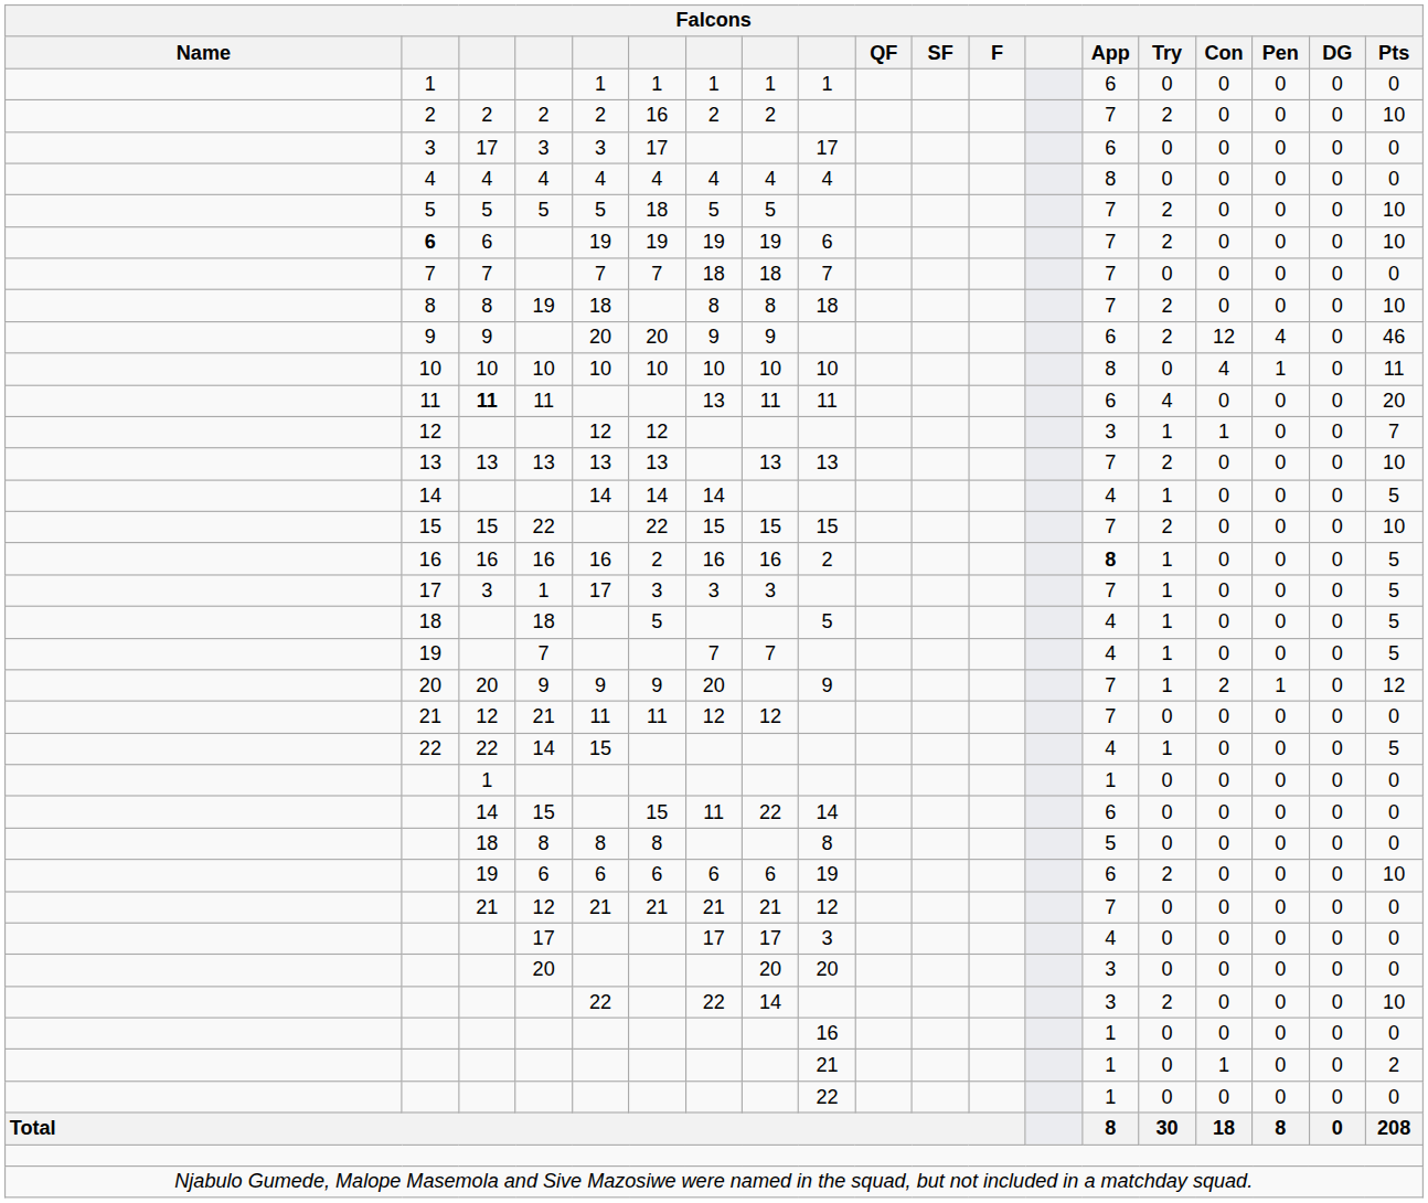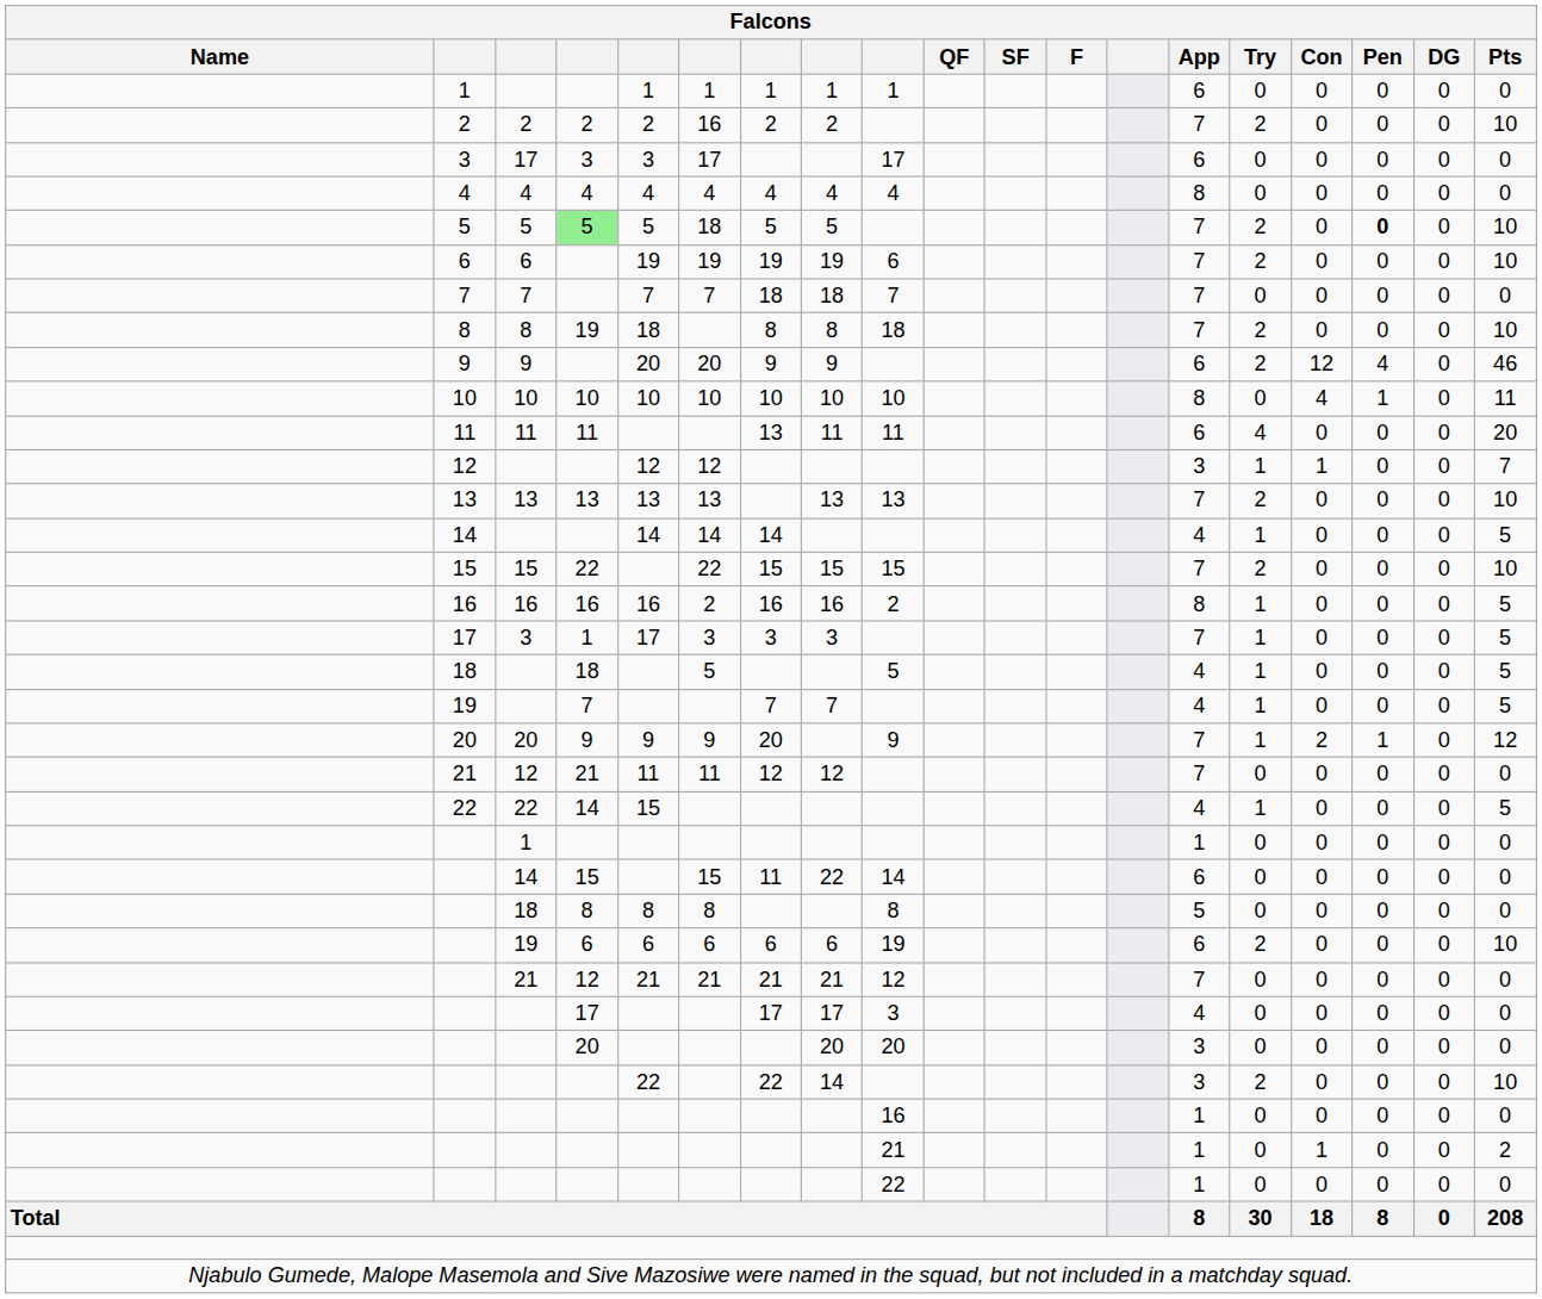 <table class="wikitable collapsible collapsed" style="text-align:center; font-size:100%; width:90%">
 <tr>
 <th colspan="100%">Falcons</th>
 </tr>
 <tr>
 <th style="width:28%;">Name</th>
 <th style="width:4%;"></th>
 <th style="width:4%;"></th>
 <th style="width:4%;"></th>
 <th style="width:4%;"></th>
 <th style="width:4%;"></th>
 <th style="width:4%;"></th>
 <th style="width:4%;"></th>
 <th style="width:4%;"></th>
 <th style="width:4%;">QF</th>
 <th style="width:4%;">SF</th>
 <th style="width:4%;">F</th>
 <th style="width:4%;"></th>
 <th style="width:4%;">App</th>
 <th style="width:4%;">Try</th>
 <th style="width:4%;">Con</th>
 <th style="width:4%;">Pen</th>
 <th style="width:4%;">DG</th>
 <th style="width:4%;">Pts</th>
 </tr>
 <tr>
 <td style="text-align:left;"></td>
 <td>1</td>
 <td></td>
 <td></td>
 <td>1</td>
 <td>1</td>
 <td>1</td>
 <td>1</td>
 <td>1</td>
 <td></td>
 <td></td>
 <td></td>
 <td style="background:#EBECF0;"></td>
 <td>6</td>
 <td>0</td>
 <td>0</td>
 <td>0</td>
 <td>0</td>
 <td>0</td>
 </tr>
 <tr>
 <td style="text-align:left;"></td>
 <td>2</td>
 <td>2</td>
 <td>2</td>
 <td>2</td>
 <td>16 </td>
 <td>2</td>
 <td>2</td>
 <td></td>
 <td></td>
 <td></td>
 <td></td>
 <td style="background:#EBECF0;"></td>
 <td>7</td>
 <td>2</td>
 <td>0</td>
 <td>0</td>
 <td>0</td>
 <td>10</td>
 </tr>
 <tr>
 <td style="text-align:left;"></td>
 <td>3</td>
 <td>17 </td>
 <td>3</td>
 <td>3</td>
 <td>17 </td>
 <td></td>
 <td></td>
 <td>17 </td>
 <td></td>
 <td></td>
 <td></td>
 <td style="background:#EBECF0;"></td>
 <td>6</td>
 <td>0</td>
 <td>0</td>
 <td>0</td>
 <td>0</td>
 <td>0</td>
 </tr>
 <tr>
 <td style="text-align:left;"></td>
 <td>4</td>
 <td>4</td>
 <td>4</td>
 <td>4</td>
 <td>4</td>
 <td>4</td>
 <td>4</td>
 <td>4</td>
 <td></td>
 <td></td>
 <td></td>
 <td style="background:#EBECF0;"></td>
 <td>8</td>
 <td>0</td>
 <td>0</td>
 <td>0</td>
 <td>0</td>
 <td>0</td>
 </tr>
 <tr>
 <td style="text-align:left;"></td>
 <td>5</td>
 <td>5</td>
-<td>5</td>
+<td style="background: lightgreen;">5</td>
 <td>5</td>
 <td>18 </td>
 <td>5</td>
 <td>5</td>
 <td></td>
 <td></td>
 <td></td>
 <td></td>
 <td style="background:#EBECF0;"></td>
 <td>7</td>
 <td>2</td>
 <td>0</td>
-<td>0</td>
+<td><strong>0</strong></td>
 <td>0</td>
 <td>10</td>
 </tr>
 <tr>
 <td style="text-align:left;"></td>
-<td><strong>6</strong></td>
+<td>6</td>
 <td>6</td>
 <td></td>
 <td>19 </td>
 <td>19 </td>
 <td>19 </td>
 <td>19 </td>
 <td>6</td>
 <td></td>
 <td></td>
 <td></td>
 <td style="background:#EBECF0;"></td>
 <td>7</td>
 <td>2</td>
 <td>0</td>
 <td>0</td>
 <td>0</td>
 <td>10</td>
 </tr>
 <tr>
 <td style="text-align:left;"></td>
 <td>7</td>
 <td>7</td>
 <td></td>
 <td>7</td>
 <td>7</td>
 <td>18 </td>
 <td>18 </td>
 <td>7</td>
 <td></td>
 <td></td>
 <td></td>
 <td style="background:#EBECF0;"></td>
 <td>7</td>
 <td>0</td>
 <td>0</td>
 <td>0</td>
 <td>0</td>
 <td>0</td>
 </tr>
 <tr>
 <td style="text-align:left;"></td>
 <td>8</td>
 <td>8</td>
 <td>19 </td>
 <td>18 </td>
 <td></td>
 <td>8</td>
 <td>8</td>
 <td>18 </td>
 <td></td>
 <td></td>
 <td></td>
 <td style="background:#EBECF0;"></td>
 <td>7</td>
 <td>2</td>
 <td>0</td>
 <td>0</td>
 <td>0</td>
 <td>10</td>
 </tr>
 <tr>
 <td style="text-align:left;"></td>
 <td>9</td>
 <td>9</td>
 <td></td>
 <td>20 </td>
 <td>20 </td>
 <td>9</td>
 <td>9</td>
 <td></td>
 <td></td>
 <td></td>
 <td></td>
 <td style="background:#EBECF0;"></td>
 <td>6</td>
 <td>2</td>
 <td>12</td>
 <td>4</td>
 <td>0</td>
 <td>46</td>
 </tr>
 <tr>
 <td style="text-align:left;"></td>
 <td>10</td>
 <td>10</td>
 <td>10</td>
 <td>10</td>
 <td>10</td>
 <td>10</td>
 <td>10</td>
 <td>10</td>
 <td></td>
 <td></td>
 <td></td>
 <td style="background:#EBECF0;"></td>
 <td>8</td>
 <td>0</td>
 <td>4</td>
 <td>1</td>
 <td>0</td>
 <td>11</td>
 </tr>
 <tr>
 <td style="text-align:left;"></td>
 <td>11</td>
-<td><strong>11</strong></td>
+<td>11</td>
 <td>11</td>
 <td></td>
 <td></td>
 <td>13</td>
 <td>11</td>
 <td>11</td>
 <td></td>
 <td></td>
 <td></td>
 <td style="background:#EBECF0;"></td>
 <td>6</td>
 <td>4</td>
 <td>0</td>
 <td>0</td>
 <td>0</td>
 <td>20</td>
 </tr>
 <tr>
 <td style="text-align:left;"></td>
 <td>12</td>
 <td></td>
 <td></td>
 <td>12</td>
 <td>12</td>
 <td></td>
 <td></td>
 <td></td>
 <td></td>
 <td></td>
 <td></td>
 <td style="background:#EBECF0;"></td>
 <td>3</td>
 <td>1</td>
 <td>1</td>
 <td>0</td>
 <td>0</td>
 <td>7</td>
 </tr>
 <tr>
 <td style="text-align:left;"></td>
 <td>13</td>
 <td>13</td>
 <td>13</td>
 <td>13</td>
 <td>13</td>
 <td></td>
 <td>13</td>
 <td>13</td>
 <td></td>
 <td></td>
 <td></td>
 <td style="background:#EBECF0;"></td>
 <td>7</td>
 <td>2</td>
 <td>0</td>
 <td>0</td>
 <td>0</td>
 <td>10</td>
 </tr>
 <tr>
 <td style="text-align:left;"></td>
 <td>14</td>
 <td></td>
 <td></td>
 <td>14</td>
 <td>14</td>
 <td>14</td>
 <td></td>
 <td></td>
 <td></td>
 <td></td>
 <td></td>
 <td style="background:#EBECF0;"></td>
 <td>4</td>
 <td>1</td>
 <td>0</td>
 <td>0</td>
 <td>0</td>
 <td>5</td>
 </tr>
 <tr>
 <td style="text-align:left;"></td>
 <td>15</td>
 <td>15</td>
 <td>22 </td>
 <td></td>
 <td>22 </td>
 <td>15</td>
 <td>15</td>
 <td>15</td>
 <td></td>
 <td></td>
 <td></td>
 <td style="background:#EBECF0;"></td>
 <td>7</td>
 <td>2</td>
 <td>0</td>
 <td>0</td>
 <td>0</td>
 <td>10</td>
 </tr>
 <tr>
 <td style="text-align:left;"></td>
 <td>16 </td>
 <td>16 </td>
 <td>16 </td>
 <td>16 </td>
 <td>2</td>
 <td>16 </td>
 <td>16 </td>
 <td>2</td>
 <td></td>
 <td></td>
 <td></td>
 <td style="background:#EBECF0;"></td>
-<td><strong>8</strong></td>
+<td>8</td>
 <td>1</td>
 <td>0</td>
 <td>0</td>
 <td>0</td>
 <td>5</td>
 </tr>
 <tr>
 <td style="text-align:left;"></td>
 <td>17 </td>
 <td>3</td>
 <td>1</td>
 <td>17 </td>
 <td>3</td>
 <td>3</td>
 <td>3</td>
 <td></td>
 <td></td>
 <td></td>
 <td></td>
 <td style="background:#EBECF0;"></td>
 <td>7</td>
 <td>1</td>
 <td>0</td>
 <td>0</td>
 <td>0</td>
 <td>5</td>
 </tr>
 <tr>
 <td style="text-align:left;"></td>
 <td>18 </td>
 <td></td>
 <td>18 </td>
 <td></td>
 <td>5</td>
 <td></td>
 <td></td>
 <td>5</td>
 <td></td>
 <td></td>
 <td></td>
 <td style="background:#EBECF0;"></td>
 <td>4</td>
 <td>1</td>
 <td>0</td>
 <td>0</td>
 <td>0</td>
 <td>5</td>
 </tr>
 <tr>
 <td style="text-align:left;"></td>
 <td>19 </td>
 <td></td>
 <td>7</td>
 <td></td>
 <td></td>
 <td>7</td>
 <td>7</td>
 <td></td>
 <td></td>
 <td></td>
 <td></td>
 <td style="background:#EBECF0;"></td>
 <td>4</td>
 <td>1</td>
 <td>0</td>
 <td>0</td>
 <td>0</td>
 <td>5</td>
 </tr>
 <tr>
 <td style="text-align:left;"></td>
 <td>20 </td>
 <td>20 </td>
 <td>9</td>
 <td>9</td>
 <td>9</td>
 <td>20 </td>
 <td></td>
 <td>9</td>
 <td></td>
 <td></td>
 <td></td>
 <td style="background:#EBECF0;"></td>
 <td>7</td>
 <td>1</td>
 <td>2</td>
 <td>1</td>
 <td>0</td>
 <td>12</td>
 </tr>
 <tr>
 <td style="text-align:left;"></td>
 <td>21 </td>
 <td>12</td>
 <td>21 </td>
 <td>11</td>
 <td>11</td>
 <td>12</td>
 <td>12</td>
 <td></td>
 <td></td>
 <td></td>
 <td></td>
 <td style="background:#EBECF0;"></td>
 <td>7</td>
 <td>0</td>
 <td>0</td>
 <td>0</td>
 <td>0</td>
 <td>0</td>
 </tr>
 <tr>
 <td style="text-align:left;"></td>
 <td>22 </td>
 <td>22 </td>
 <td>14</td>
 <td>15</td>
 <td></td>
 <td></td>
 <td></td>
 <td></td>
 <td></td>
 <td></td>
 <td></td>
 <td style="background:#EBECF0;"></td>
 <td>4</td>
 <td>1</td>
 <td>0</td>
 <td>0</td>
 <td>0</td>
 <td>5</td>
 </tr>
 <tr>
 <td style="text-align:left;"></td>
 <td></td>
 <td>1</td>
 <td></td>
 <td></td>
 <td></td>
 <td></td>
 <td></td>
 <td></td>
 <td></td>
 <td></td>
 <td></td>
 <td style="background:#EBECF0;"></td>
 <td>1</td>
 <td>0</td>
 <td>0</td>
 <td>0</td>
 <td>0</td>
 <td>0</td>
 </tr>
 <tr>
 <td style="text-align:left;"></td>
 <td></td>
 <td>14</td>
 <td>15</td>
 <td></td>
 <td>15</td>
 <td>11</td>
 <td>22 </td>
 <td>14</td>
 <td></td>
 <td></td>
 <td></td>
 <td style="background:#EBECF0;"></td>
 <td>6</td>
 <td>0</td>
 <td>0</td>
 <td>0</td>
 <td>0</td>
 <td>0</td>
 </tr>
 <tr>
 <td style="text-align:left;"></td>
 <td></td>
 <td>18 </td>
 <td>8</td>
 <td>8</td>
 <td>8</td>
 <td></td>
 <td></td>
 <td>8</td>
 <td></td>
 <td></td>
 <td></td>
 <td style="background:#EBECF0;"></td>
 <td>5</td>
 <td>0</td>
 <td>0</td>
 <td>0</td>
 <td>0</td>
 <td>0</td>
 </tr>
 <tr>
 <td style="text-align:left;"></td>
 <td></td>
 <td>19</td>
 <td>6</td>
 <td>6</td>
 <td>6</td>
 <td>6</td>
 <td>6</td>
 <td>19 </td>
 <td></td>
 <td></td>
 <td></td>
 <td style="background:#EBECF0;"></td>
 <td>6</td>
 <td>2</td>
 <td>0</td>
 <td>0</td>
 <td>0</td>
 <td>10</td>
 </tr>
 <tr>
 <td style="text-align:left;"></td>
 <td></td>
 <td>21 </td>
 <td>12</td>
 <td>21 </td>
 <td>21 </td>
 <td>21 </td>
 <td>21 </td>
 <td>12</td>
 <td></td>
 <td></td>
 <td></td>
 <td style="background:#EBECF0;"></td>
 <td>7</td>
 <td>0</td>
 <td>0</td>
 <td>0</td>
 <td>0</td>
 <td>0</td>
 </tr>
 <tr>
 <td style="text-align:left;"></td>
 <td></td>
 <td></td>
 <td>17 </td>
 <td></td>
 <td></td>
 <td>17 </td>
 <td>17 </td>
 <td>3</td>
 <td></td>
 <td></td>
 <td></td>
 <td style="background:#EBECF0;"></td>
 <td>4</td>
 <td>0</td>
 <td>0</td>
 <td>0</td>
 <td>0</td>
 <td>0</td>
 </tr>
 <tr>
 <td style="text-align:left;"></td>
 <td></td>
 <td></td>
 <td>20 </td>
 <td></td>
 <td></td>
 <td></td>
 <td>20 </td>
 <td>20 </td>
 <td></td>
 <td></td>
 <td></td>
 <td style="background:#EBECF0;"></td>
 <td>3</td>
 <td>0</td>
 <td>0</td>
 <td>0</td>
 <td>0</td>
 <td>0</td>
 </tr>
 <tr>
 <td style="text-align:left;"></td>
 <td></td>
 <td></td>
 <td></td>
 <td>22 </td>
 <td></td>
 <td>22 </td>
 <td>14</td>
 <td></td>
 <td></td>
 <td></td>
 <td></td>
 <td style="background:#EBECF0;"></td>
 <td>3</td>
 <td>2</td>
 <td>0</td>
 <td>0</td>
 <td>0</td>
 <td>10</td>
 </tr>
 <tr>
 <td style="text-align:left;"></td>
 <td></td>
 <td></td>
 <td></td>
 <td></td>
 <td></td>
 <td></td>
 <td></td>
 <td>16 </td>
 <td></td>
 <td></td>
 <td></td>
 <td style="background:#EBECF0;"></td>
 <td>1</td>
 <td>0</td>
 <td>0</td>
 <td>0</td>
 <td>0</td>
 <td>0</td>
 </tr>
 <tr>
 <td style="text-align:left;"></td>
 <td></td>
 <td></td>
 <td></td>
 <td></td>
 <td></td>
 <td></td>
 <td></td>
 <td>21 </td>
 <td></td>
 <td></td>
 <td></td>
 <td style="background:#EBECF0;"></td>
 <td>1</td>
 <td>0</td>
 <td>1</td>
 <td>0</td>
 <td>0</td>
 <td>2</td>
 </tr>
 <tr>
 <td style="text-align:left;"></td>
 <td></td>
 <td></td>
 <td></td>
 <td></td>
 <td></td>
 <td></td>
 <td></td>
 <td>22 </td>
 <td></td>
 <td></td>
 <td></td>
 <td style="background:#EBECF0;"></td>
 <td>1</td>
 <td>0</td>
 <td>0</td>
 <td>0</td>
 <td>0</td>
 <td>0</td>
 </tr>
 <tr>
 <th colspan="12" style="text-align:left;">Total</th>
 <th style="background:#EBECF0;"></th>
 <th>8</th>
 <th>30</th>
 <th>18</th>
 <th>8</th>
 <th>0</th>
 <th>208</th>
 </tr>
 <tr class="sortbottom">
 <td colspan="100%" style="height: 10px;"></td>
 </tr>
 <tr class="sortbottom">
 <td colspan="100%" style="text-align:center;"><em>Njabulo Gumede, Malope Masemola and Sive Mazosiwe were named in the squad, but not included in a matchday squad.</em></td>
 </tr>
 </table>
